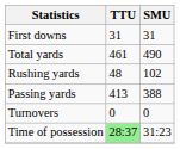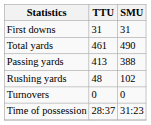 <table class="wikitable">
 <tr>
 <th>Statistics</th>
 <th>TTU</th>
 <th>SMU</th>
 </tr>
 <tr>
 <td>First downs</td>
 <td>31</td>
 <td>31</td>
 </tr>
 <tr>
 <td>Total yards</td>
 <td>461</td>
 <td>490</td>
 </tr>
 <tr>
+<td>Passing yards</td>
+<td>413</td>
+<td>388</td>
+</tr>
+<tr>
 <td>Rushing yards</td>
 <td>48</td>
 <td>102</td>
-</tr>
-<tr>
-<td>Passing yards</td>
-<td>413</td>
-<td>388</td>
 </tr>
 <tr>
 <td>Turnovers</td>
 <td>0</td>
 <td>0</td>
 </tr>
 <tr>
 <td>Time of possession</td>
-<td style="background: lightgreen;">28:37</td>
+<td>28:37</td>
 <td>31:23</td>
 </tr>
 <tr>
 </tr>
 </table>
